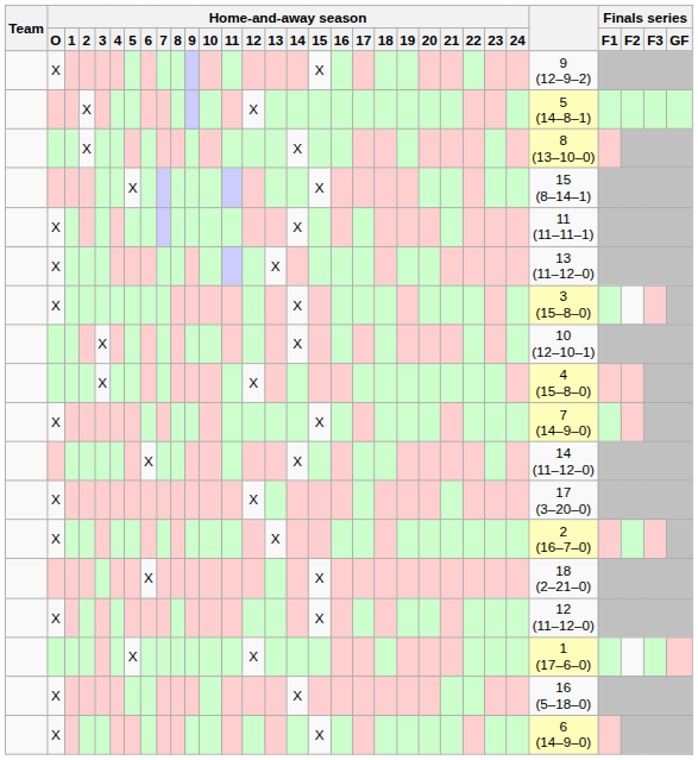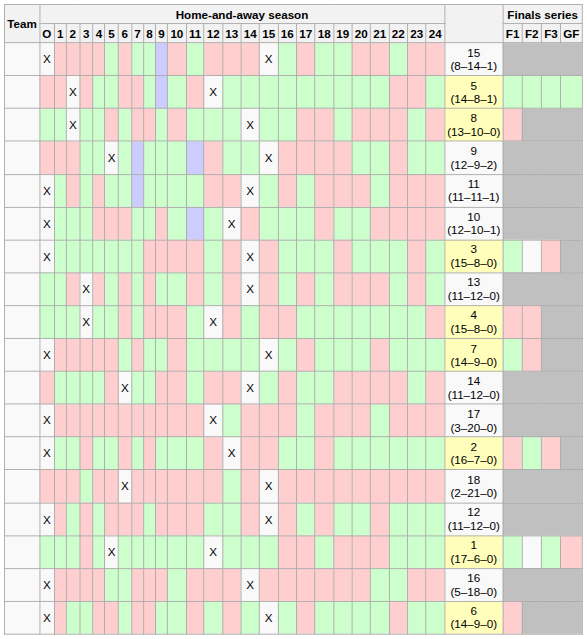 <table class="wikitable sortable" style="font-size:80%; text-align:center">
 <tr>
 <th rowspan=2>Team</th>
 <th colspan=25>Home-and-away season</th>
 <th rowspan=2></th>
 <th colspan=4>Finals series</th>
 </tr>
 <tr>
 <th>O</th>
 <th>1</th>
 <th>2</th>
 <th>3</th>
 <th>4</th>
 <th>5</th>
 <th>6</th>
 <th>7</th>
 <th>8</th>
 <th>9</th>
 <th>10</th>
 <th>11</th>
 <th>12</th>
 <th>13</th>
 <th>14</th>
 <th>15</th>
 <th>16</th>
 <th>17</th>
 <th>18</th>
 <th>19</th>
 <th>20</th>
 <th>21</th>
 <th>22</th>
 <th>23</th>
 <th>24</th>
 <th>F1</th>
 <th>F2</th>
 <th>F3</th>
 <th>GF</th>
 </tr>
 <tr>
 <td align=left></td>
 <td>X</td>
 <td bgcolor=FFCFCF></td>
 <td bgcolor=FFCFCF><strong></strong></td>
 <td bgcolor=FFCFCF></td>
 <td bgcolor=FFCFCF></td>
 <td bgcolor=CCFFCC></td>
 <td bgcolor=FFCFCF><strong></strong></td>
 <td bgcolor=CCFFCC></td>
 <td bgcolor=CCFFCC><strong></strong></td>
 <td bgcolor=CCCCFF><strong></strong></td>
 <td bgcolor=FFCFCF></td>
 <td bgcolor=CCFFCC><strong></strong></td>
 <td bgcolor=FFCFCF></td>
 <td bgcolor=FFCFCF><strong></strong></td>
 <td bgcolor=FFCFCF><strong></strong></td>
 <td>X</td>
 <td bgcolor=CCFFCC><strong></strong></td>
 <td bgcolor=FFCFCF></td>
 <td bgcolor=CCFFCC><strong></strong></td>
 <td bgcolor=CCFFCC></td>
 <td bgcolor=FFCFCF><strong></strong></td>
 <td bgcolor=FFCFCF></td>
 <td bgcolor=CCFFCC><strong></strong></td>
 <td bgcolor=FFCFCF></td>
 <td bgcolor=FFCFCF></td>
-<td>9<br>(12–9–2)</td>
+<td>15<br>(8–14–1)</td>
 <td colspan=4 bgcolor=C0C0C0></td>
 </tr>
 <tr>
 <td align=left></td>
 <td bgcolor=FFCFCF><strong></strong></td>
 <td bgcolor=FFCFCF></td>
 <td>X</td>
 <td bgcolor=FFCFCF><strong></strong></td>
 <td bgcolor=CCFFCC></td>
 <td bgcolor=CCFFCC></td>
 <td bgcolor=FFCFCF><strong></strong></td>
 <td bgcolor=FFCFCF></td>
 <td bgcolor=CCFFCC><strong></strong></td>
 <td bgcolor=CCCCFF></td>
 <td bgcolor=CCFFCC><strong></strong></td>
 <td bgcolor=FFCFCF></td>
 <td>X</td>
 <td bgcolor=CCFFCC></td>
 <td bgcolor=CCFFCC><strong></strong></td>
 <td bgcolor=CCFFCC></td>
 <td bgcolor=CCFFCC><strong></strong></td>
 <td bgcolor=CCFFCC><strong></strong></td>
 <td bgcolor=CCFFCC></td>
 <td bgcolor=CCFFCC><strong></strong></td>
 <td bgcolor=CCFFCC></td>
 <td bgcolor=CCFFCC></td>
 <td bgcolor=FFCFCF><strong></strong></td>
 <td bgcolor=FFCFCF></td>
 <td bgcolor=CCFFCC><strong></strong></td>
 <td bgcolor=FFFFBB>5<br>(14–8–1)</td>
 <td bgcolor=CCFFCC><strong></strong></td>
 <td bgcolor=CCFFCC></td>
 <td bgcolor=CCFFCC></td>
 <td bgcolor=CCFFCC></td>
 </tr>
 <tr>
 <td align=left></td>
 <td bgcolor=CCFFCC></td>
 <td bgcolor=CCFFCC><strong></strong></td>
 <td>X</td>
 <td bgcolor=CCFFCC></td>
 <td bgcolor=CCFFCC></td>
 <td bgcolor=FFCFCF><strong></strong></td>
 <td bgcolor=CCFFCC><strong></strong></td>
 <td bgcolor=FFCFCF></td>
 <td bgcolor=FFCFCF><strong></strong></td>
 <td bgcolor=CCFFCC><strong></strong></td>
 <td bgcolor=FFCFCF></td>
 <td bgcolor=CCFFCC><strong></strong></td>
 <td bgcolor=CCFFCC></td>
 <td bgcolor=CCFFCC></td>
 <td>X</td>
 <td bgcolor=CCFFCC><strong></strong></td>
 <td bgcolor=CCFFCC></td>
 <td bgcolor=FFCFCF></td>
 <td bgcolor=FFCFCF></td>
 <td bgcolor=CCFFCC><strong></strong></td>
 <td bgcolor=FFCFCF><strong></strong></td>
 <td bgcolor=FFCFCF></td>
 <td bgcolor=FFCFCF><strong></strong></td>
 <td bgcolor=CCFFCC></td>
 <td bgcolor=FFCFCF><strong></strong></td>
 <td bgcolor=FFFFBB>8<br>(13–10–0)</td>
 <td bgcolor=FFCFCF></td>
 <td colspan=3 bgcolor=C0C0C0></td>
 </tr>
 <tr>
 <td align=left></td>
 <td bgcolor=FFCFCF></td>
 <td bgcolor=FFCFCF><strong></strong></td>
 <td bgcolor=FFCFCF></td>
 <td bgcolor=CCFFCC></td>
 <td bgcolor=CCFFCC></td>
 <td>X</td>
 <td bgcolor=CCFFCC><strong></strong></td>
 <td bgcolor=CCCCFF></td>
 <td bgcolor=CCFFCC></td>
 <td bgcolor=CCFFCC><strong></strong></td>
 <td bgcolor=CCFFCC><strong></strong></td>
 <td bgcolor=CCCCFF></td>
 <td bgcolor=FFCFCF><strong></strong></td>
 <td bgcolor=CCFFCC><strong></strong></td>
 <td bgcolor=CCFFCC></td>
 <td>X</td>
 <td bgcolor=FFCFCF></td>
 <td bgcolor=FFCFCF><strong></strong></td>
 <td bgcolor=FFCFCF><strong></strong></td>
 <td bgcolor=FFCFCF></td>
 <td bgcolor=CCFFCC><strong></strong></td>
 <td bgcolor=CCFFCC><strong></strong></td>
 <td bgcolor=FFCFCF></td>
 <td bgcolor=CCFFCC><strong></strong></td>
 <td bgcolor=CCFFCC></td>
-<td>15<br>(8–14–1)</td>
+<td>9<br>(12–9–2)</td>
 <td colspan=4 bgcolor=C0C0C0></td>
 </tr>
 <tr>
 <td align=left></td>
 <td>X</td>
 <td bgcolor=CCFFCC><strong></strong></td>
 <td bgcolor=FFCFCF></td>
 <td bgcolor=CCFFCC><strong></strong></td>
 <td bgcolor=FFCFCF></td>
 <td bgcolor=CCFFCC></td>
 <td bgcolor=CCFFCC></td>
 <td bgcolor=CCCCFF><strong></strong></td>
 <td bgcolor=CCFFCC></td>
 <td bgcolor=CCFFCC><strong></strong></td>
 <td bgcolor=CCFFCC><strong></strong></td>
 <td bgcolor=CCFFCC></td>
 <td bgcolor=FFCFCF></td>
 <td bgcolor=FFCFCF><strong></strong></td>
 <td>X</td>
 <td bgcolor=CCFFCC><strong></strong></td>
 <td bgcolor=FFCFCF></td>
 <td bgcolor=CCFFCC></td>
 <td bgcolor=FFCFCF></td>
 <td bgcolor=FFCFCF><strong></strong></td>
 <td bgcolor=FFCFCF></td>
 <td bgcolor=CCFFCC><strong></strong></td>
 <td bgcolor=FFCFCF><strong></strong></td>
 <td bgcolor=FFCFCF><strong></strong></td>
 <td bgcolor=FFCFCF></td>
 <td>11<br>(11–11–1)</td>
 <td colspan=4 bgcolor=C0C0C0></td>
 </tr>
 <tr>
 <td align=left></td>
 <td>X</td>
 <td bgcolor=CCFFCC><strong></strong></td>
 <td bgcolor=CCFFCC></td>
 <td bgcolor=CCFFCC><strong></strong></td>
 <td bgcolor=FFCFCF></td>
 <td bgcolor=FFCFCF></td>
 <td bgcolor=FFCFCF></td>
 <td bgcolor=CCFFCC><strong></strong></td>
 <td bgcolor=CCFFCC></td>
 <td bgcolor=FFCFCF><strong></strong></td>
 <td bgcolor=CCFFCC></td>
 <td bgcolor=CCCCFF><strong></strong></td>
 <td bgcolor=CCFFCC></td>
 <td>X</td>
 <td bgcolor=FFCFCF></td>
 <td bgcolor=CCFFCC><strong></strong></td>
 <td bgcolor=CCFFCC></td>
 <td bgcolor=CCFFCC><strong></strong></td>
 <td bgcolor=FFCFCF></td>
 <td bgcolor=CCFFCC><strong></strong></td>
 <td bgcolor=CCFFCC><strong></strong></td>
 <td bgcolor=FFCFCF></td>
 <td bgcolor=FFCFCF><strong></strong></td>
 <td bgcolor=FFCFCF></td>
 <td bgcolor=FFCFCF><strong></strong></td>
-<td>13<br>(11–12–0)</td>
+<td>10<br>(12–10–1)</td>
 <td colspan=4 bgcolor=C0C0C0></td>
 </tr>
 <tr>
 <td align=left></td>
 <td>X</td>
 <td bgcolor=CCFFCC><strong></strong></td>
 <td bgcolor=CCFFCC></td>
 <td bgcolor=CCFFCC></td>
 <td bgcolor=CCFFCC></td>
 <td bgcolor=CCFFCC><strong></strong></td>
 <td bgcolor=CCFFCC></td>
 <td bgcolor=CCFFCC><strong></strong></td>
 <td bgcolor=FFCFCF></td>
 <td bgcolor=FFCFCF><strong></strong></td>
 <td bgcolor=FFCFCF></td>
 <td bgcolor=FFCFCF><strong></strong></td>
 <td bgcolor=CCFFCC><strong></strong></td>
 <td bgcolor=FFCFCF></td>
 <td>X</td>
 <td bgcolor=FFCFCF></td>
 <td bgcolor=CCFFCC><strong></strong></td>
 <td bgcolor=CCFFCC><strong></strong></td>
 <td bgcolor=CCFFCC></td>
 <td bgcolor=FFCFCF><strong></strong></td>
 <td bgcolor=CCFFCC></td>
 <td bgcolor=CCFFCC><strong></strong></td>
 <td bgcolor=CCFFCC></td>
 <td bgcolor=FFCFCF></td>
 <td bgcolor=CCFFCC><strong></strong></td>
 <td bgcolor=FFFFBB>3<br>(15–8–0)</td>
 <td bgcolor=CCFFCC></td>
 <td></td>
 <td bgcolor=FFCFCF><strong></strong></td>
 <td bgcolor=C0C0C0></td>
 </tr>
 <tr>
 <td align=left></td>
 <td bgcolor=CCFFCC><strong></strong></td>
 <td bgcolor=CCFFCC><strong></strong></td>
 <td bgcolor=FFCFCF></td>
 <td>X</td>
 <td bgcolor=FFCFCF></td>
 <td bgcolor=CCFFCC><strong></strong></td>
 <td bgcolor=FFCFCF></td>
 <td bgcolor=CCFFCC><strong></strong></td>
 <td bgcolor=FFCFCF></td>
 <td bgcolor=CCFFCC><strong></strong></td>
 <td bgcolor=CCFFCC><strong></strong></td>
 <td bgcolor=FFCFCF></td>
 <td bgcolor=CCFFCC><strong></strong></td>
 <td bgcolor=FFCFCF></td>
 <td>X</td>
 <td bgcolor=FFCFCF></td>
 <td bgcolor=CCFFCC><strong></strong></td>
 <td bgcolor=FFCFCF></td>
 <td bgcolor=CCFFCC><strong></strong></td>
 <td bgcolor=FFCFCF></td>
 <td bgcolor=FFCFCF><strong></strong></td>
 <td bgcolor=FFCFCF></td>
 <td bgcolor=CCFFCC></td>
 <td bgcolor=FFCFCF><strong></strong></td>
 <td bgcolor=CCFFCC></td>
-<td>10<br>(12–10–1)</td>
+<td>13<br>(11–12–0)</td>
 <td colspan=4 bgcolor=C0C0C0></td>
 </tr>
 <tr>
 <td align=left></td>
 <td bgcolor=CCFFCC><strong></strong></td>
 <td bgcolor=CCFFCC><strong></strong></td>
 <td bgcolor=CCFFCC></td>
 <td>X</td>
 <td bgcolor=CCFFCC></td>
 <td bgcolor=CCFFCC><strong></strong></td>
 <td bgcolor=FFCFCF></td>
 <td bgcolor=CCFFCC><strong></strong></td>
 <td bgcolor=FFCFCF></td>
 <td bgcolor=FFCFCF></td>
 <td bgcolor=FFCFCF><strong></strong></td>
 <td bgcolor=CCFFCC></td>
 <td>X</td>
 <td bgcolor=FFCFCF></td>
 <td bgcolor=CCFFCC><strong></strong></td>
 <td bgcolor=FFCFCF><strong></strong></td>
 <td bgcolor=FFCFCF></td>
 <td bgcolor=CCFFCC><strong></strong></td>
 <td bgcolor=CCFFCC></td>
 <td bgcolor=CCFFCC><strong></strong></td>
 <td bgcolor=CCFFCC></td>
 <td bgcolor=CCFFCC><strong></strong></td>
 <td bgcolor=CCFFCC></td>
 <td bgcolor=CCFFCC><strong></strong></td>
 <td bgcolor=FFCFCF></td>
 <td bgcolor=FFFFBB>4<br>(15–8–0)</td>
 <td bgcolor=FFCFCF></td>
 <td bgcolor=FFCFCF><strong></strong></td>
 <td colspan=2 bgcolor=C0C0C0></td>
 </tr>
 <tr>
 <td align=left></td>
 <td>X</td>
 <td bgcolor=FFCFCF></td>
 <td bgcolor=FFCFCF><strong></strong></td>
 <td bgcolor=FFCFCF><strong></strong></td>
 <td bgcolor=FFCFCF></td>
 <td bgcolor=FFCFCF></td>
 <td bgcolor=CCFFCC></td>
 <td bgcolor=FFCFCF><strong></strong></td>
 <td bgcolor=CCFFCC></td>
 <td bgcolor=CCFFCC><strong></strong></td>
 <td bgcolor=FFCFCF></td>
 <td bgcolor=CCFFCC><strong></strong></td>
 <td bgcolor=CCFFCC><strong></strong></td>
 <td bgcolor=CCFFCC><strong></strong></td>
 <td bgcolor=CCFFCC></td>
 <td>X</td>
 <td bgcolor=CCFFCC></td>
 <td bgcolor=FFCFCF></td>
 <td bgcolor=CCFFCC><strong></strong></td>
 <td bgcolor=CCFFCC><strong></strong></td>
 <td bgcolor=CCFFCC></td>
 <td bgcolor=FFCFCF></td>
 <td bgcolor=CCFFCC></td>
 <td bgcolor=CCFFCC><strong></strong></td>
 <td bgcolor=CCFFCC><strong></strong></td>
 <td bgcolor=FFFFBB>7<br>(14–9–0)</td>
 <td bgcolor=CCFFCC></td>
 <td bgcolor=FFCFCF></td>
 <td colspan=2 bgcolor=C0C0C0></td>
 </tr>
 <tr>
 <td align=left></td>
 <td bgcolor=FFCFCF></td>
 <td bgcolor=CCFFCC><strong></strong></td>
 <td bgcolor=CCFFCC></td>
 <td bgcolor=CCFFCC></td>
 <td bgcolor=CCFFCC></td>
 <td bgcolor=FFCFCF><strong></strong></td>
 <td>X</td>
 <td bgcolor=CCFFCC></td>
 <td bgcolor=CCFFCC><strong></strong></td>
 <td bgcolor=FFCFCF></td>
 <td bgcolor=FFCFCF></td>
 <td bgcolor=CCFFCC><strong></strong></td>
 <td bgcolor=FFCFCF><strong></strong></td>
 <td bgcolor=FFCFCF></td>
 <td>X</td>
 <td bgcolor=CCFFCC><strong></strong></td>
 <td bgcolor=FFCFCF></td>
 <td bgcolor=CCFFCC><strong></strong></td>
 <td bgcolor=CCFFCC><strong></strong></td>
 <td bgcolor=FFCFCF></td>
 <td bgcolor=FFCFCF><strong></strong></td>
 <td bgcolor=FFCFCF></td>
 <td bgcolor=FFCFCF><strong></strong></td>
 <td bgcolor=CCFFCC></td>
 <td bgcolor=FFCFCF><strong></strong></td>
 <td>14<br>(11–12–0)</td>
 <td colspan=4 bgcolor=C0C0C0></td>
 </tr>
 <tr>
 <td align=left></td>
 <td>X</td>
 <td bgcolor=FFCFCF></td>
 <td bgcolor=FFCFCF><strong></strong></td>
 <td bgcolor=FFCFCF><strong></strong></td>
 <td bgcolor=FFCFCF></td>
 <td bgcolor=FFCFCF></td>
 <td bgcolor=FFCFCF><strong></strong></td>
 <td bgcolor=FFCFCF><strong></strong></td>
 <td bgcolor=FFCFCF></td>
 <td bgcolor=FFCFCF></td>
 <td bgcolor=FFCFCF></td>
 <td bgcolor=FFCFCF><strong></strong></td>
 <td>X</td>
 <td bgcolor=CCFFCC></td>
 <td bgcolor=FFCFCF><strong></strong></td>
 <td bgcolor=FFCFCF></td>
 <td bgcolor=FFCFCF><strong></strong></td>
 <td bgcolor=CCFFCC><strong></strong></td>
 <td bgcolor=FFCFCF></td>
 <td bgcolor=FFCFCF></td>
 <td bgcolor=FFCFCF><strong></strong></td>
 <td bgcolor=CCFFCC><strong></strong></td>
 <td bgcolor=FFCFCF><strong></strong></td>
 <td bgcolor=FFCFCF></td>
 <td bgcolor=FFCFCF></td>
 <td>17<br>(3–20–0)</td>
 <td colspan=4 bgcolor=C0C0C0></td>
 </tr>
 <tr>
 <td align=left></td>
 <td>X</td>
 <td bgcolor=CCFFCC><strong></strong></td>
 <td bgcolor=CCFFCC></td>
 <td bgcolor=FFCFCF><strong></strong></td>
 <td bgcolor=CCFFCC></td>
 <td bgcolor=CCFFCC><strong></strong></td>
 <td bgcolor=FFCFCF></td>
 <td bgcolor=CCFFCC><strong></strong></td>
 <td bgcolor=FFCFCF></td>
 <td bgcolor=CCFFCC></td>
 <td bgcolor=CCFFCC><strong></strong></td>
 <td bgcolor=CCFFCC></td>
 <td bgcolor=FFCFCF><strong></strong></td>
 <td>X</td>
 <td bgcolor=FFCFCF></td>
 <td bgcolor=FFCFCF><strong></strong></td>
 <td bgcolor=CCFFCC></td>
 <td bgcolor=CCFFCC><strong></strong></td>
 <td bgcolor=FFCFCF></td>
 <td bgcolor=CCFFCC><strong></strong></td>
 <td bgcolor=CCFFCC></td>
 <td bgcolor=CCFFCC><strong></strong></td>
 <td bgcolor=CCFFCC></td>
 <td bgcolor=CCFFCC><strong></strong></td>
 <td bgcolor=CCFFCC></td>
 <td bgcolor=FFFFBB>2<br>(16–7–0)</td>
 <td bgcolor=FFCFCF><strong></strong></td>
 <td bgcolor=CCFFCC><strong></strong></td>
 <td bgcolor=FFCFCF></td>
 <td bgcolor=C0C0C0></td>
 </tr>
 <tr>
 <td align=left></td>
 <td bgcolor=FFCFCF></td>
 <td bgcolor=FFCFCF></td>
 <td bgcolor=FFCFCF><strong></strong></td>
 <td bgcolor=CCFFCC><strong></strong></td>
 <td bgcolor=FFCFCF></td>
 <td bgcolor=FFCFCF></td>
 <td>X</td>
 <td bgcolor=FFCFCF><strong></strong></td>
 <td bgcolor=FFCFCF><strong></strong></td>
 <td bgcolor=FFCFCF><strong></strong></td>
 <td bgcolor=FFCFCF></td>
 <td bgcolor=FFCFCF><strong></strong></td>
 <td bgcolor=FFCFCF></td>
 <td bgcolor=CCFFCC></td>
 <td bgcolor=FFCFCF><strong></strong></td>
 <td>X</td>
 <td bgcolor=FFCFCF><strong></strong></td>
 <td bgcolor=FFCFCF></td>
 <td bgcolor=FFCFCF><strong></strong></td>
 <td bgcolor=FFCFCF></td>
 <td bgcolor=FFCFCF></td>
 <td bgcolor=FFCFCF></td>
 <td bgcolor=FFCFCF><strong></strong></td>
 <td bgcolor=FFCFCF></td>
 <td bgcolor=FFCFCF><strong></strong></td>
 <td>18<br>(2–21–0)</td>
 <td colspan=4 bgcolor=C0C0C0></td>
 </tr>
 <tr>
 <td align=left></td>
 <td>X</td>
 <td bgcolor=FFCFCF></td>
 <td bgcolor=CCFFCC><strong></strong></td>
 <td bgcolor=FFCFCF></td>
 <td bgcolor=CCFFCC></td>
 <td bgcolor=FFCFCF></td>
 <td bgcolor=FFCFCF><strong></strong></td>
 <td bgcolor=FFCFCF></td>
 <td bgcolor=CCFFCC><strong></strong></td>
 <td bgcolor=FFCFCF></td>
 <td bgcolor=FFCFCF><strong></strong></td>
 <td bgcolor=FFCFCF></td>
 <td bgcolor=CCFFCC></td>
 <td bgcolor=CCFFCC><strong></strong></td>
 <td bgcolor=FFCFCF></td>
 <td>X</td>
 <td bgcolor=FFCFCF><strong></strong></td>
 <td bgcolor=CCFFCC><strong></strong></td>
 <td bgcolor=FFCFCF></td>
 <td bgcolor=CCFFCC><strong></strong></td>
 <td bgcolor=CCFFCC><strong></strong></td>
 <td bgcolor=FFCFCF><strong></strong></td>
 <td bgcolor=CCFFCC></td>
 <td bgcolor=CCFFCC><strong></strong></td>
 <td bgcolor=CCFFCC></td>
 <td>12<br>(11–12–0)</td>
 <td colspan=4 bgcolor=C0C0C0></td>
 </tr>
 <tr>
 <td align=left></td>
 <td bgcolor=CCFFCC><strong></strong></td>
 <td bgcolor=CCFFCC></td>
 <td bgcolor=CCFFCC><strong></strong></td>
 <td bgcolor=FFCFCF></td>
 <td bgcolor=CCFFCC></td>
 <td>X</td>
 <td bgcolor=CCFFCC><strong></strong></td>
 <td bgcolor=CCFFCC></td>
 <td bgcolor=CCFFCC><strong></strong></td>
 <td bgcolor=CCFFCC></td>
 <td bgcolor=CCFFCC><strong></strong></td>
 <td bgcolor=CCFFCC></td>
 <td>X</td>
 <td bgcolor=CCFFCC><strong></strong></td>
 <td bgcolor=CCFFCC></td>
 <td bgcolor=CCFFCC></td>
 <td bgcolor=FFCFCF><strong></strong></td>
 <td bgcolor=FFCFCF></td>
 <td bgcolor=CCFFCC><strong></strong></td>
 <td bgcolor=FFCFCF></td>
 <td bgcolor=FFCFCF><strong></strong></td>
 <td bgcolor=FFCFCF></td>
 <td bgcolor=CCFFCC><strong></strong></td>
 <td bgcolor=CCFFCC></td>
 <td bgcolor=CCFFCC><strong></strong></td>
 <td bgcolor=FFFFBB>1<br>(17–6–0)</td>
 <td bgcolor=CCFFCC><strong></strong></td>
 <td></td>
 <td bgcolor=CCFFCC><strong></strong></td>
 <td bgcolor=FFCFCF><strong></strong></td>
 </tr>
 <tr>
 <td align=left></td>
 <td>X</td>
 <td bgcolor=FFCFCF></td>
 <td bgcolor=FFCFCF><strong></strong></td>
 <td bgcolor=FFCFCF></td>
 <td bgcolor=FFCFCF></td>
 <td bgcolor=CCFFCC><strong></strong></td>
 <td bgcolor=CCFFCC><strong></strong></td>
 <td bgcolor=FFCFCF></td>
 <td bgcolor=FFCFCF><strong></strong></td>
 <td bgcolor=FFCFCF></td>
 <td bgcolor=CCFFCC><strong></strong></td>
 <td bgcolor=FFCFCF></td>
 <td bgcolor=FFCFCF><strong></strong></td>
 <td bgcolor=FFCFCF><strong></strong></td>
 <td>X</td>
 <td bgcolor=FFCFCF></td>
 <td bgcolor=FFCFCF><strong></strong></td>
 <td bgcolor=FFCFCF></td>
 <td bgcolor=FFCFCF><strong></strong></td>
 <td bgcolor=FFCFCF></td>
 <td bgcolor=FFCFCF></td>
 <td bgcolor=CCFFCC><strong></strong></td>
 <td bgcolor=CCFFCC></td>
 <td bgcolor=FFCFCF><strong></strong></td>
 <td bgcolor=FFCFCF></td>
 <td>16<br>(5–18–0)</td>
 <td colspan=4 bgcolor=C0C0C0></td>
 </tr>
 <tr>
 <td align=left></td>
 <td>X</td>
 <td bgcolor=FFCFCF></td>
 <td bgcolor=CCFFCC><strong></strong></td>
 <td bgcolor=CCFFCC><strong></strong></td>
 <td bgcolor=FFCFCF></td>
 <td bgcolor=FFCFCF><strong></strong></td>
 <td bgcolor=CCFFCC></td>
 <td bgcolor=FFCFCF></td>
 <td bgcolor=FFCFCF><strong></strong></td>
 <td bgcolor=CCFFCC></td>
 <td bgcolor=CCFFCC></td>
 <td bgcolor=FFCFCF><strong></strong></td>
 <td bgcolor=CCFFCC></td>
 <td bgcolor=FFCFCF><strong></strong></td>
 <td bgcolor=CCFFCC><strong></strong></td>
 <td>X</td>
 <td bgcolor=CCFFCC></td>
 <td bgcolor=FFCFCF></td>
 <td bgcolor=CCFFCC><strong></strong></td>
 <td bgcolor=CCFFCC></td>
 <td bgcolor=CCFFCC></td>
 <td bgcolor=CCFFCC><strong></strong></td>
 <td bgcolor=FFCFCF></td>
 <td bgcolor=CCFFCC><strong></strong></td>
 <td bgcolor=CCFFCC><strong></strong></td>
 <td bgcolor=FFFFBB>6<br>(14–9–0)</td>
 <td bgcolor=FFCFCF><strong></strong></td>
 <td colspan=3 bgcolor=C0C0C0></td>
 </tr>
 </table>
